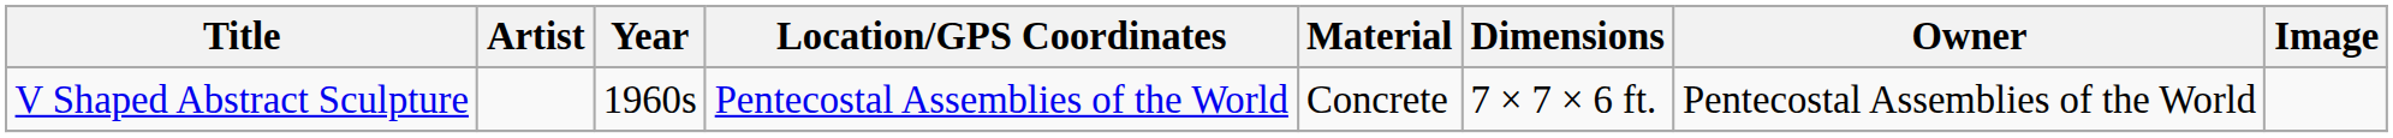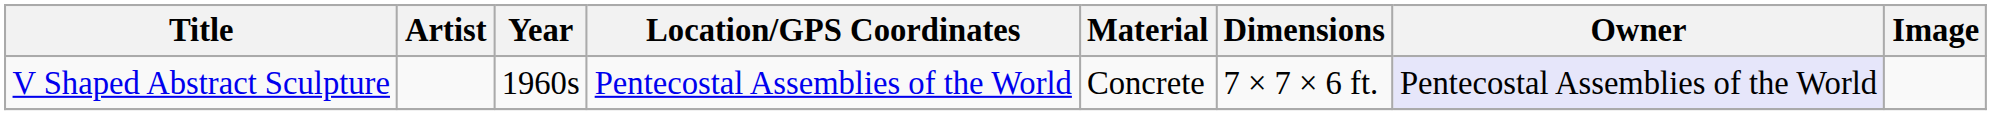 <table class="wikitable sortable">
 <tr>
 <th>Title</th>
 <th>Artist</th>
 <th>Year</th>
 <th>Location/GPS Coordinates</th>
 <th>Material</th>
 <th>Dimensions</th>
 <th>Owner</th>
 <th>Image</th>
 </tr>
 <tr>
 <td><a href='#'>V Shaped Abstract Sculpture</a></td>
 <td></td>
 <td>1960s</td>
 <td><a href='#'>Pentecostal Assemblies of the World</a> </td>
 <td>Concrete</td>
 <td>7 × 7 × 6 ft.</td>
-<td>Pentecostal Assemblies of the World</td>
+<td style="background: lavender;">Pentecostal Assemblies of the World</td>
 <td></td>
 </tr>
 <tr>
 </tr>
 </table>
